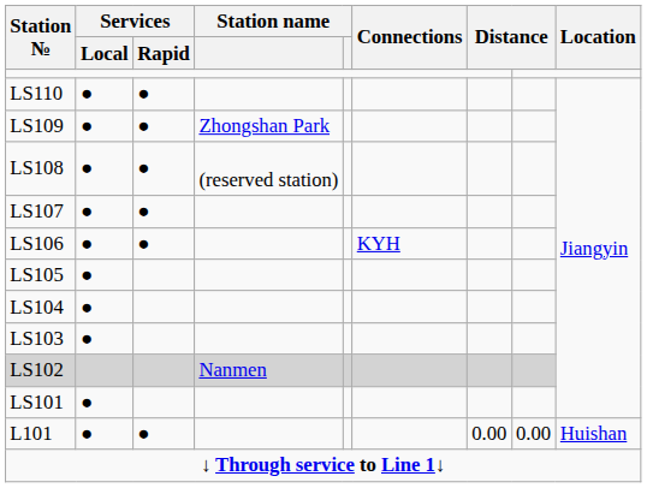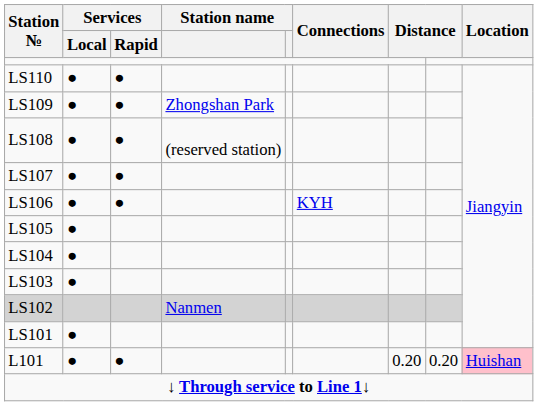 <table class="wikitable">
 <tr>
 <th rowspan="2">Station<br>№</th>
 <th colspan="2">Services</th>
 <th colspan="2">Station name</th>
 <th rowspan="2">Connections</th>
 <th colspan="2" rowspan="2">Distance<br></th>
 <th rowspan="2">Location</th>
 </tr>
 <tr>
 <th>Local</th>
 <th>Rapid</th>
 <th></th>
 <th></th>
 </tr>
 <tr style="background:#">
 <td colspan="7"></td>
 </tr>
 <tr>
 <td>LS110</td>
 <td>●</td>
 <td>●</td>
 <td></td>
 <td></td>
 <td></td>
 <td></td>
 <td></td>
 <td rowspan="10"><a href='#'>Jiangyin</a></td>
 </tr>
 <tr>
 <td>LS109</td>
 <td>●</td>
 <td>●</td>
 <td><a href='#'>Zhongshan Park</a></td>
 <td></td>
 <td></td>
 <td></td>
 <td></td>
 </tr>
 <tr>
 <td>LS108</td>
 <td>●</td>
 <td>●</td>
 <td><em></em><br>(reserved station)</td>
 <td></td>
 <td></td>
 <td></td>
 <td></td>
 </tr>
 <tr>
 <td>LS107</td>
 <td>●</td>
 <td>●</td>
 <td></td>
 <td></td>
 <td></td>
 <td></td>
 <td></td>
 </tr>
 <tr>
 <td>LS106</td>
 <td>●</td>
 <td>●</td>
 <td></td>
 <td></td>
 <td> <a href='#'>KYH</a></td>
 <td></td>
 <td></td>
 </tr>
 <tr>
 <td>LS105</td>
 <td>●</td>
 <td></td>
 <td></td>
 <td></td>
 <td></td>
 <td></td>
 <td></td>
 </tr>
 <tr>
 <td>LS104</td>
 <td>●</td>
 <td></td>
 <td></td>
 <td></td>
 <td></td>
 <td></td>
 <td></td>
 </tr>
 <tr>
 <td>LS103</td>
 <td>●</td>
 <td></td>
 <td></td>
 <td></td>
 <td></td>
 <td></td>
 <td></td>
 </tr>
 <tr bgcolor="lightgrey">
 <td>LS102</td>
 <td></td>
 <td></td>
 <td><a href='#'>Nanmen</a></td>
 <td></td>
 <td></td>
 <td></td>
 <td></td>
 </tr>
 <tr>
 <td>LS101</td>
 <td>●</td>
 <td></td>
 <td></td>
 <td></td>
 <td></td>
 <td></td>
 <td></td>
 </tr>
 <tr>
 <td>L101</td>
 <td>●</td>
 <td>●</td>
 <td></td>
 <td></td>
 <td></td>
-<td>0.00</td>
-<td>0.00</td>
-<td><a href='#'>Huishan</a></td>
+<td>0.20</td>
+<td>0.20</td>
+<td style="background: pink;"><a href='#'>Huishan</a></td>
 </tr>
 <tr>
 <td colspan="9" align="center"><strong>↓ <a href='#'>Through service</a> to <a href='#'>Line 1</a>↓</strong></td>
 </tr>
 </table>
